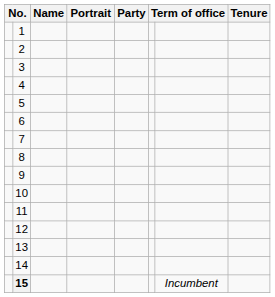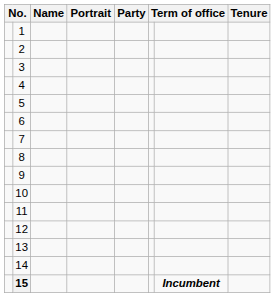 <table class="wikitable sortable" style="text-align:center">
 <tr>
 <th colspan="2">No.</th>
 <th>Name</th>
 <th class="unsortable" width=60>Portrait</th>
 <th>Party</th>
 <th colspan=2>Term of office</th>
 <th>Tenure</th>
 </tr>
 <tr>
 <td> </td>
 <td>1</td>
 <td></td>
 <td></td>
 <td></td>
 <td></td>
 <td></td>
 <td></td>
 </tr>
 <tr>
 <td> </td>
 <td>2</td>
 <td></td>
 <td></td>
 <td></td>
 <td></td>
 <td></td>
 <td></td>
 </tr>
 <tr>
 <td> </td>
 <td>3</td>
 <td></td>
 <td></td>
 <td></td>
 <td></td>
 <td></td>
 <td></td>
 </tr>
 <tr>
 <td> </td>
 <td>4</td>
 <td></td>
 <td></td>
 <td></td>
 <td></td>
 <td></td>
 <td></td>
 </tr>
 <tr>
 <td> </td>
 <td>5</td>
 <td></td>
 <td></td>
 <td></td>
 <td></td>
 <td></td>
 <td></td>
 </tr>
 <tr>
 <td> </td>
 <td>6</td>
 <td></td>
 <td></td>
 <td></td>
 <td></td>
 <td></td>
 <td></td>
 </tr>
 <tr>
 <td> </td>
 <td>7</td>
 <td></td>
 <td></td>
 <td></td>
 <td></td>
 <td></td>
 <td></td>
 </tr>
 <tr>
 <td> </td>
 <td>8</td>
 <td></td>
 <td></td>
 <td></td>
 <td></td>
 <td></td>
 <td></td>
 </tr>
 <tr>
 <td> </td>
 <td>9</td>
 <td></td>
 <td></td>
 <td></td>
 <td></td>
 <td></td>
 <td></td>
 </tr>
 <tr>
 <td> </td>
 <td>10</td>
 <td></td>
 <td></td>
 <td></td>
 <td></td>
 <td></td>
 <td></td>
 </tr>
 <tr>
 <td> </td>
 <td>11</td>
 <td></td>
 <td></td>
 <td></td>
 <td></td>
 <td></td>
 <td></td>
 </tr>
 <tr>
 <td> </td>
 <td>12</td>
 <td></td>
 <td></td>
 <td></td>
 <td></td>
 <td></td>
 <td></td>
 </tr>
 <tr>
 <td> </td>
 <td>13</td>
 <td></td>
 <td></td>
 <td></td>
 <td></td>
 <td></td>
 <td></td>
 </tr>
 <tr>
 <td> </td>
 <td>14</td>
 <td></td>
 <td></td>
 <td></td>
 <td></td>
 <td></td>
 <td></td>
 </tr>
 <tr>
 <td> </td>
 <th>15</th>
 <td></td>
 <td></td>
 <td></td>
 <td></td>
-<td><em>Incumbent</em></td>
+<td><strong><em>Incumbent</em></strong></td>
 <td></td>
 </tr>
 </table>
